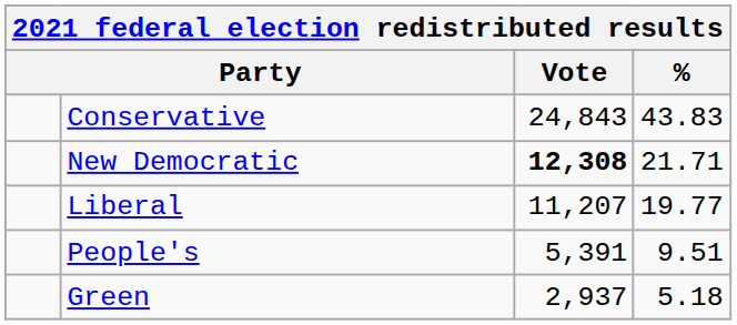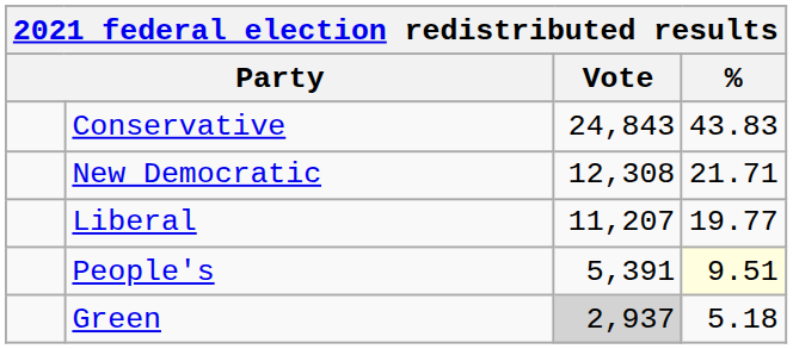 <table class="wikitable">
 <tr>
 <th colspan="4"><a href='#'>2021 federal election</a> redistributed results</th>
 </tr>
 <tr>
 <th bgcolor="#DDDDFF" width="130px" colspan="2">Party</th>
 <th bgcolor="#DDDDFF" width="50px">Vote</th>
 <th bgcolor="#DDDDFF" width="30px">%</th>
 </tr>
 <tr>
 <td> </td>
 <td><a href='#'>Conservative</a></td>
 <td align=right>24,843</td>
 <td align=right>43.83</td>
 </tr>
 <tr>
 <td> </td>
 <td><a href='#'>New Democratic</a></td>
-<td align=right><strong>12,308</strong></td>
+<td align=right>12,308</td>
 <td align=right>21.71</td>
 </tr>
 <tr>
 <td> </td>
 <td><a href='#'>Liberal</a></td>
 <td align=right>11,207</td>
 <td align=right>19.77</td>
 </tr>
 <tr>
 <td> </td>
 <td><a href='#'>People's</a></td>
 <td align=right>5,391</td>
-<td align=right>9.51</td>
+<td align=right style="background: lightyellow;">9.51</td>
 </tr>
 <tr>
 <td> </td>
 <td><a href='#'>Green</a></td>
-<td align=right>2,937</td>
+<td align=right style="background: lightgrey;">2,937</td>
 <td align=right>5.18</td>
 </tr>
 </table>
